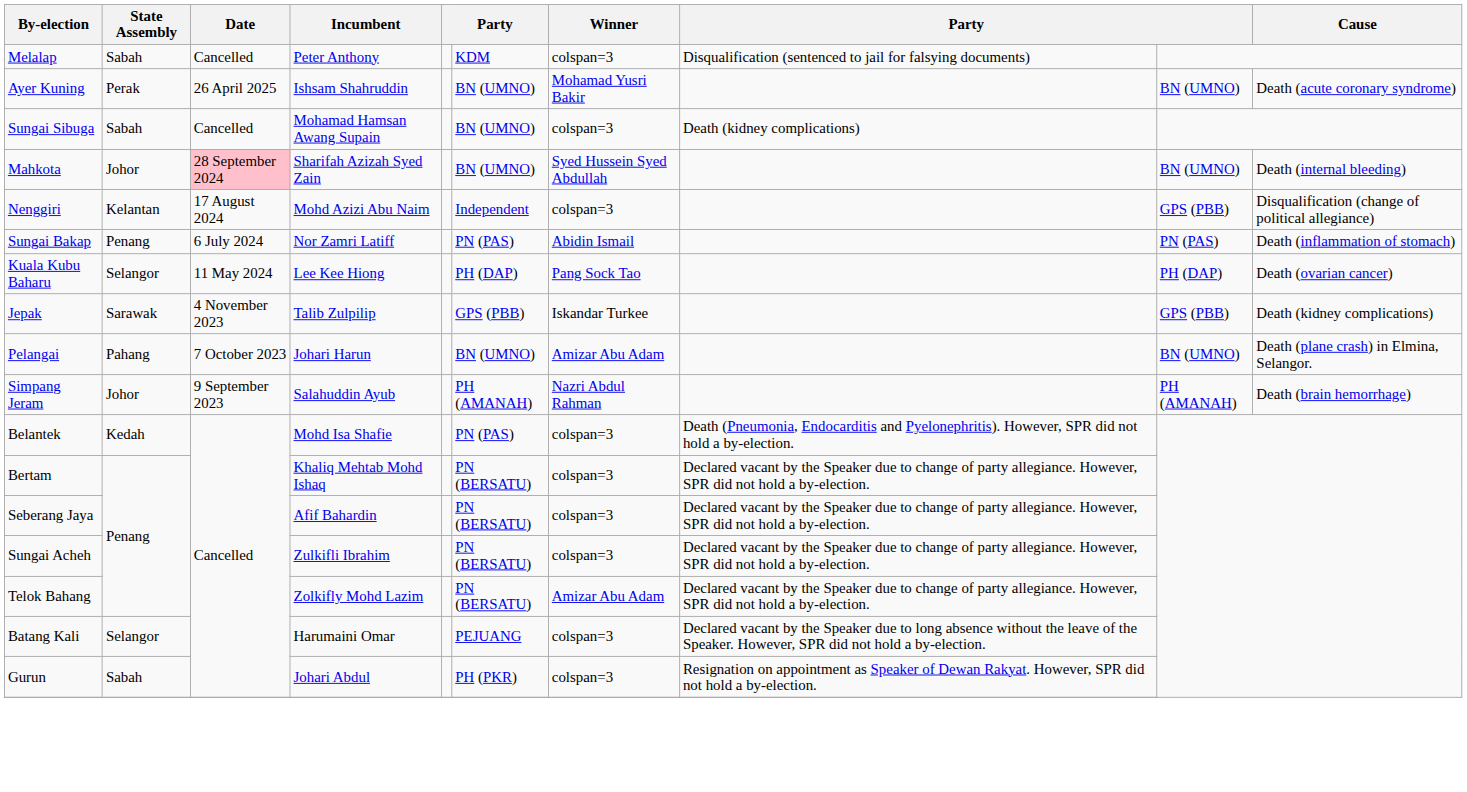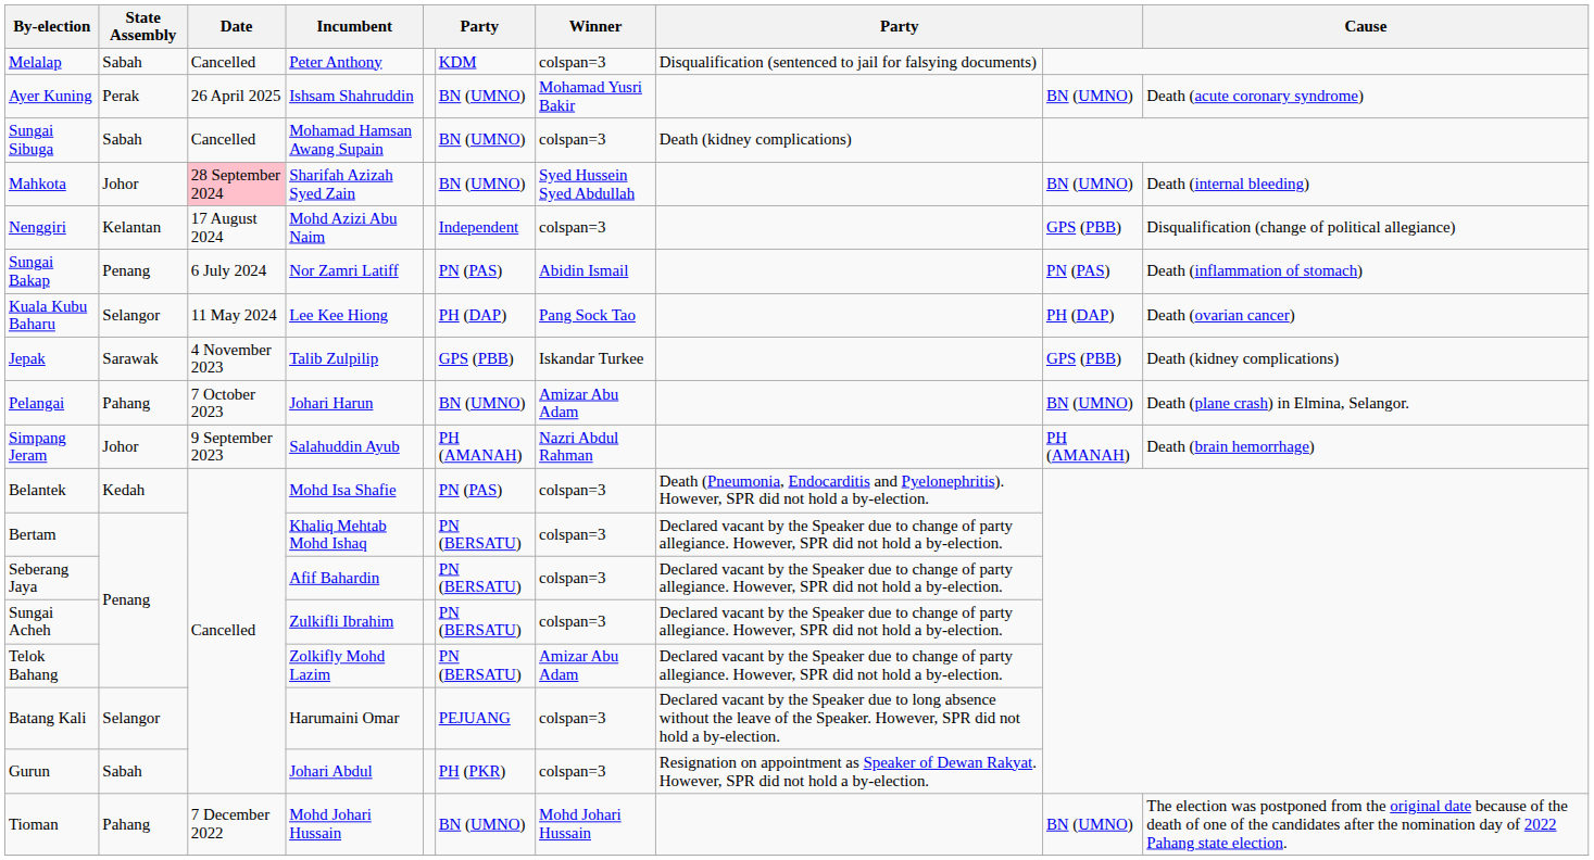 <table class="wikitable">
 <tr>
 <th>By-election</th>
 <th>State Assembly</th>
 <th>Date</th>
 <th>Incumbent</th>
 <th colspan=2>Party</th>
 <th>Winner</th>
 <th colspan=2>Party</th>
 <th>Cause</th>
 </tr>
 <tr>
 <td><a href='#'>Melalap</a></td>
 <td>Sabah</td>
 <td>Cancelled</td>
 <td><a href='#'>Peter Anthony</a></td>
 <td></td>
 <td><a href='#'>KDM</a></td>
 <td>colspan=3 </td>
 <td>Disqualification (sentenced to jail for falsying documents)</td>
 </tr>
 <tr>
 <td><a href='#'>Ayer Kuning</a></td>
 <td>Perak</td>
 <td>26 April 2025</td>
 <td><a href='#'>Ishsam Shahruddin</a></td>
 <td> </td>
 <td><a href='#'>BN</a> (<a href='#'>UMNO</a>)</td>
 <td><a href='#'>Mohamad Yusri Bakir</a></td>
 <td> </td>
 <td><a href='#'>BN</a> (<a href='#'>UMNO</a>)</td>
 <td>Death (<a href='#'>acute coronary syndrome</a>)</td>
 </tr>
 <tr>
 <td><a href='#'>Sungai Sibuga</a></td>
 <td>Sabah</td>
 <td>Cancelled</td>
 <td><a href='#'>Mohamad Hamsan Awang Supain</a></td>
 <td> </td>
 <td><a href='#'>BN</a> (<a href='#'>UMNO</a>)</td>
 <td>colspan=3 </td>
 <td>Death (kidney complications)</td>
 </tr>
 <tr>
 <td><a href='#'>Mahkota</a></td>
 <td>Johor</td>
 <td style="background: pink;">28 September 2024</td>
 <td><a href='#'>Sharifah Azizah Syed Zain</a></td>
 <td> </td>
 <td><a href='#'>BN</a> (<a href='#'>UMNO</a>)</td>
 <td><a href='#'>Syed Hussein Syed Abdullah</a></td>
 <td> </td>
 <td><a href='#'>BN</a> (<a href='#'>UMNO</a>)</td>
 <td>Death (<a href='#'>internal bleeding</a>)</td>
 </tr>
 <tr>
 <td><a href='#'>Nenggiri</a></td>
 <td>Kelantan</td>
 <td>17 August 2024</td>
 <td><a href='#'>Mohd Azizi Abu Naim</a></td>
 <td></td>
 <td><a href='#'>Independent</a></td>
 <td>colspan=3 </td>
 <td> </td>
 <td><a href='#'>GPS</a> (<a href='#'>PBB</a>)</td>
 <td>Disqualification (change of political allegiance)</td>
 </tr>
 <tr>
 <td><a href='#'>Sungai Bakap</a></td>
 <td>Penang</td>
 <td>6 July 2024</td>
 <td><a href='#'>Nor Zamri Latiff</a></td>
 <td></td>
 <td><a href='#'>PN</a> (<a href='#'>PAS</a>)</td>
 <td><a href='#'>Abidin Ismail</a></td>
 <td></td>
 <td><a href='#'>PN</a> (<a href='#'>PAS</a>)</td>
 <td>Death (<a href='#'>inflammation of stomach</a>)</td>
 </tr>
 <tr>
 <td><a href='#'>Kuala Kubu Baharu</a></td>
 <td>Selangor</td>
 <td>11 May 2024</td>
 <td><a href='#'>Lee Kee Hiong</a></td>
 <td> </td>
 <td><a href='#'>PH</a> (<a href='#'>DAP</a>)</td>
 <td><a href='#'>Pang Sock Tao</a></td>
 <td> </td>
 <td><a href='#'>PH</a> (<a href='#'>DAP</a>)</td>
 <td>Death (<a href='#'>ovarian cancer</a>)</td>
 </tr>
 <tr>
 <td><a href='#'>Jepak</a></td>
 <td>Sarawak</td>
 <td>4 November 2023</td>
 <td><a href='#'>Talib Zulpilip</a></td>
 <td style="background:"> </td>
 <td><a href='#'>GPS</a> (<a href='#'>PBB</a>)</td>
 <td>Iskandar Turkee</td>
 <td style="background:"> </td>
 <td><a href='#'>GPS</a> (<a href='#'>PBB</a>)</td>
 <td>Death (kidney complications)</td>
 </tr>
 <tr>
 <td><a href='#'>Pelangai</a></td>
 <td>Pahang</td>
 <td>7 October 2023</td>
 <td><a href='#'>Johari Harun</a></td>
 <td> </td>
 <td><a href='#'>BN</a> (<a href='#'>UMNO</a>)</td>
 <td><a href='#'>Amizar Abu Adam</a></td>
 <td> </td>
 <td><a href='#'>BN</a> (<a href='#'>UMNO</a>)</td>
 <td>Death (<a href='#'>plane crash</a>) in Elmina, Selangor.</td>
 </tr>
 <tr>
 <td><a href='#'>Simpang Jeram</a></td>
 <td>Johor</td>
 <td>9 September 2023</td>
 <td><a href='#'>Salahuddin Ayub</a></td>
 <td> </td>
 <td><a href='#'>PH</a> (<a href='#'>AMANAH</a>)</td>
 <td><a href='#'>Nazri Abdul Rahman</a></td>
 <td> </td>
 <td><a href='#'>PH</a> (<a href='#'>AMANAH</a>)</td>
 <td>Death (<a href='#'>brain  hemorrhage</a>)</td>
 </tr>
 <tr>
 <td>Belantek</td>
 <td>Kedah</td>
 <td rowspan="7">Cancelled</td>
 <td><a href='#'>Mohd Isa Shafie</a></td>
 <td></td>
 <td><a href='#'>PN</a> (<a href='#'>PAS</a>)</td>
 <td>colspan=3 </td>
 <td>Death (<a href='#'>Pneumonia</a>, <a href='#'>Endocarditis</a> and <a href='#'>Pyelonephritis</a>). However, SPR did not hold a by-election.</td>
 </tr>
 <tr>
 <td>Bertam</td>
 <td rowspan="4">Penang</td>
 <td><a href='#'>Khaliq Mehtab Mohd Ishaq</a></td>
 <td></td>
 <td><a href='#'>PN</a> (<a href='#'>BERSATU</a>)</td>
 <td>colspan=3 </td>
 <td>Declared vacant by the Speaker due to change of party allegiance. However, SPR did not hold a by-election.</td>
 </tr>
 <tr>
 <td>Seberang Jaya</td>
 <td><a href='#'>Afif Bahardin</a></td>
 <td></td>
 <td><a href='#'>PN</a> (<a href='#'>BERSATU</a>)</td>
 <td>colspan=3 </td>
 <td>Declared vacant by the Speaker due to change of party allegiance. However, SPR did not hold a by-election.</td>
 </tr>
 <tr>
 <td>Sungai Acheh</td>
 <td><a href='#'>Zulkifli Ibrahim</a></td>
 <td></td>
 <td><a href='#'>PN</a> (<a href='#'>BERSATU</a>)</td>
 <td>colspan=3 </td>
 <td>Declared vacant by the Speaker due to change of party allegiance. However, SPR did not hold a by-election.</td>
 </tr>
 <tr>
 <td>Telok Bahang</td>
 <td><a href='#'>Zolkifly Mohd Lazim</a></td>
 <td></td>
 <td><a href='#'>PN</a> (<a href='#'>BERSATU</a>)</td>
 <td><a href='#'>Amizar Abu Adam</a></td>
 <td>Declared vacant by the Speaker due to change of party allegiance. However, SPR did not hold a by-election.</td>
 </tr>
 <tr>
 <td>Batang Kali</td>
 <td>Selangor</td>
 <td>Harumaini Omar</td>
 <td></td>
 <td><a href='#'>PEJUANG</a></td>
 <td>colspan=3 </td>
 <td>Declared vacant by the Speaker due to long absence without the leave of the Speaker. However, SPR did not hold a by-election.</td>
 </tr>
 <tr>
 <td>Gurun</td>
 <td>Sabah</td>
 <td><a href='#'>Johari Abdul</a></td>
 <td> </td>
 <td><a href='#'>PH</a> (<a href='#'>PKR</a>)</td>
 <td>colspan=3 </td>
 <td>Resignation on appointment as <a href='#'>Speaker of Dewan Rakyat</a>.  However, SPR did not hold a by-election.</td>
 </tr>
 <tr>
+<td>Tioman</td>
+<td>Pahang</td>
+<td>7 December 2022</td>
+<td><a href='#'>Mohd Johari Hussain</a></td>
+<td> </td>
+<td><a href='#'>BN</a> (<a href='#'>UMNO</a>)</td>
+<td><a href='#'>Mohd Johari Hussain</a></td>
+<td> </td>
+<td><a href='#'>BN</a> (<a href='#'>UMNO</a>)</td>
+<td>The election was postponed from the <a href='#'>original date</a> because of the death of one of the candidates after the nomination day of <a href='#'>2022 Pahang state election</a>.</td>
+</tr>
+<tr>
 </tr>
 </table>
